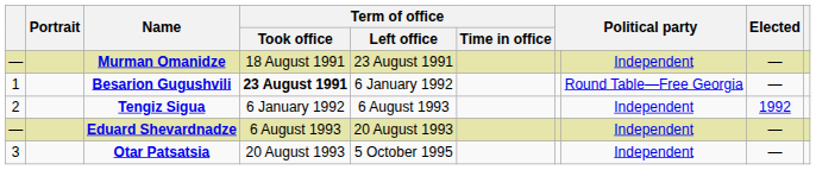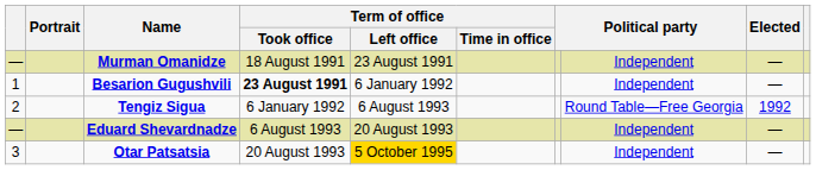 <table class="wikitable" style="text-align:center">
 <tr>
 <th rowspan=2></th>
 <th rowspan=2>Portrait</th>
 <th rowspan=2>Name<br></th>
 <th colspan=3>Term of office</th>
 <th colspan=2 rowspan=2>Political party</th>
 <th rowspan=2>Elected</th>
 <th rowspan=2></th>
 </tr>
 <tr>
 <th>Took office</th>
 <th>Left office</th>
 <th>Time in office</th>
 </tr>
 <tr style="background:#e6e6aa;">
 <td>—</td>
 <td></td>
 <td><strong><a href='#'>Murman Omanidze</a></strong><br></td>
 <td>18 August 1991</td>
 <td>23 August 1991</td>
 <td></td>
 <td style="background:"></td>
 <td><a href='#'>Independent</a></td>
 <td>—</td>
 <td></td>
 </tr>
 <tr>
 <td>1</td>
 <td></td>
 <td><strong><a href='#'>Besarion Gugushvili</a></strong><br></td>
 <td><strong>23 August 1991</strong></td>
 <td>6 January 1992</td>
 <td></td>
 <td style="background:"></td>
-<td><a href='#'>Round Table—Free Georgia</a></td>
+<td><a href='#'>Independent</a></td>
 <td>—</td>
 <td></td>
 </tr>
 <tr>
 <td>2</td>
 <td></td>
 <td><strong><a href='#'>Tengiz Sigua</a></strong><br></td>
 <td>6 January 1992</td>
 <td>6 August 1993</td>
 <td></td>
 <td style="background:"></td>
-<td><a href='#'>Independent</a></td>
+<td><a href='#'>Round Table—Free Georgia</a></td>
 <td><a href='#'>1992</a></td>
 <td></td>
 </tr>
 <tr style="background:#e6e6aa;">
 <td>—</td>
 <td></td>
 <td><strong><a href='#'>Eduard Shevardnadze</a></strong><br></td>
 <td>6 August 1993</td>
 <td>20 August 1993</td>
 <td></td>
 <td style="background:"></td>
 <td><a href='#'>Independent</a></td>
 <td>—</td>
 <td></td>
 </tr>
 <tr>
 <td>3</td>
 <td></td>
 <td><strong><a href='#'>Otar Patsatsia</a></strong><br></td>
 <td>20 August 1993</td>
-<td>5 October 1995</td>
+<td style="background: gold;">5 October 1995</td>
 <td></td>
 <td style="background:"></td>
 <td><a href='#'>Independent</a></td>
 <td>—</td>
 <td></td>
 </tr>
 </table>
